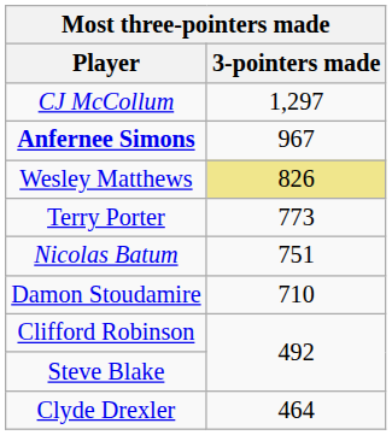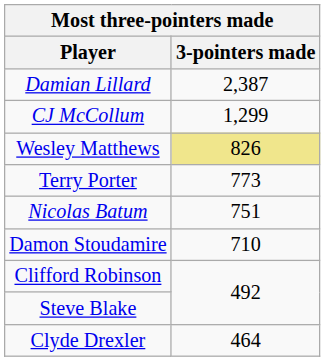 <table class="wikitable sortable" style="text-align:center">
 <tr>
 <th colspan="2" style="text-align:center; ">Most three-pointers made</th>
 </tr>
 <tr>
 <th style="text-align:center; ">Player</th>
 <th style="text-align:center; ">3-pointers made</th>
 </tr>
 <tr>
-<td><em><a href='#'>CJ McCollum</a></em></td>
-<td>1,297</td>
+<td><em><a href='#'>Damian Lillard</a></em></td>
+<td>2,387</td>
 </tr>
 <tr>
-<td><strong><a href='#'>Anfernee Simons</a></strong></td>
-<td>967</td>
+<td><em><a href='#'>CJ McCollum</a></em></td>
+<td>1,299</td>
 </tr>
 <tr>
 <td><a href='#'>Wesley Matthews</a></td>
 <td style="background: khaki;">826</td>
 </tr>
 <tr>
 <td><a href='#'>Terry Porter</a></td>
 <td>773</td>
 </tr>
 <tr>
 <td><em><a href='#'>Nicolas Batum</a></em></td>
 <td>751</td>
 </tr>
 <tr>
 <td><a href='#'>Damon Stoudamire</a></td>
 <td>710</td>
 </tr>
 <tr>
 <td><a href='#'>Clifford Robinson</a></td>
 <td rowspan=2>492</td>
 </tr>
 <tr>
 <td><a href='#'>Steve Blake</a></td>
 </tr>
 <tr>
 <td><a href='#'>Clyde Drexler</a></td>
 <td>464</td>
 </tr>
 </table>
